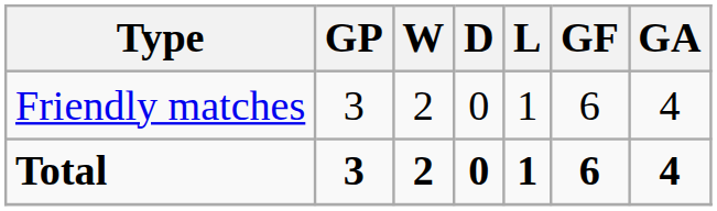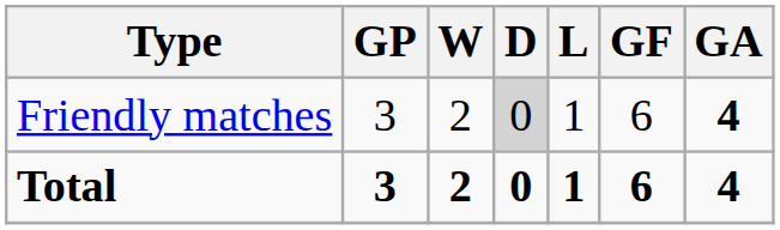 <table class="wikitable">
 <tr>
 <th>Type</th>
 <th>GP</th>
 <th>W</th>
 <th>D</th>
 <th>L</th>
 <th>GF</th>
 <th>GA</th>
 </tr>
 <tr>
 <td align=left><a href='#'>Friendly matches</a></td>
 <td align=center>3</td>
 <td align=center>2</td>
-<td align=center>0</td>
+<td align=center style="background: lightgrey;">0</td>
 <td align=center>1</td>
 <td align=center>6</td>
-<td align=center>4</td>
+<td align=center><strong>4</strong></td>
 </tr>
 <tr>
 <td><strong>Total</strong></td>
 <td align=center><strong>3</strong></td>
 <td align=center><strong>2</strong></td>
 <td align=center><strong>0</strong></td>
 <td align=center><strong>1</strong></td>
 <td align=center><strong>6</strong></td>
 <td align=center><strong>4</strong></td>
 </tr>
 <tr>
 </tr>
 </table>
